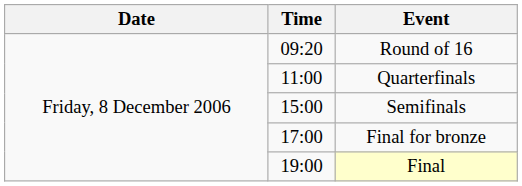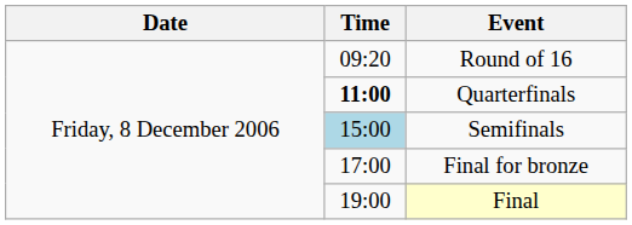 <table class = "wikitable" style="text-align:center;">
 <tr>
 <th width=220>Date</th>
 <th width=50>Time</th>
 <th width=150>Event</th>
 </tr>
 <tr>
 <td rowspan=5>Friday, 8 December 2006</td>
 <td>09:20</td>
 <td>Round of 16</td>
 </tr>
 <tr>
-<td>11:00</td>
+<td><strong>11:00</strong></td>
 <td>Quarterfinals</td>
 </tr>
 <tr>
-<td>15:00</td>
+<td style="background: lightblue;">15:00</td>
 <td>Semifinals</td>
 </tr>
 <tr>
 <td>17:00</td>
 <td>Final for bronze</td>
 </tr>
 <tr>
 <td>19:00</td>
 <td bgcolor=ffffcc>Final</td>
 </tr>
 </table>
